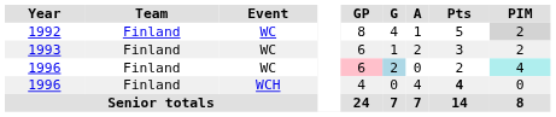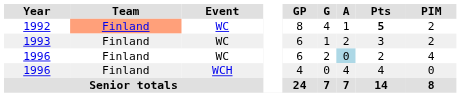 <table border="0" cellpadding="1" cellspacing="0" style="text-align:center; width:40em">
 <tr ALIGN="center" bgcolor="#e0e0e0">
 <th>Year</th>
 <th>Team</th>
 <th>Event</th>
 <th rowspan="99" bgcolor="#ffffff"> </th>
 <th>GP</th>
 <th>G</th>
 <th>A</th>
 <th>Pts</th>
 <th>PIM</th>
 </tr>
 <tr>
 <td><a href='#'>1992</a></td>
-<td><a href='#'>Finland</a></td>
+<td style="background: lightsalmon;"><a href='#'>Finland</a></td>
 <td><a href='#'>WC</a></td>
 <td>8</td>
 <td>4</td>
 <td>1</td>
-<td>5</td>
-<td style="background: lightgrey;">2</td>
+<td><strong>5</strong></td>
+<td>2</td>
 </tr>
 <tr bgcolor="#f0f0f0">
 <td><a href='#'>1993</a></td>
 <td>Finland</td>
 <td>WC</td>
 <td>6</td>
 <td>1</td>
 <td>2</td>
 <td>3</td>
 <td>2</td>
 </tr>
 <tr>
 <td><a href='#'>1996</a></td>
 <td>Finland</td>
 <td>WC</td>
-<td style="background: pink;">6</td>
-<td style="background: lightblue;">2</td>
-<td>0</td>
+<td>6</td>
 <td>2</td>
-<td style="background: paleturquoise;">4</td>
+<td style="background: lightblue;">0</td>
+<td>2</td>
+<td>4</td>
 </tr>
 <tr bgcolor="#f0f0f0">
 <td><a href='#'>1996</a></td>
 <td>Finland</td>
 <td><a href='#'>WCH</a></td>
 <td>4</td>
 <td>0</td>
 <td>4</td>
-<td><strong>4</strong></td>
+<td>4</td>
 <td>0</td>
 </tr>
 <tr bgcolor="#e0e0e0">
 <th colspan=3>Senior totals</th>
 <th>24</th>
 <th>7</th>
 <th>7</th>
 <th>14</th>
 <th>8</th>
 </tr>
 </table>
